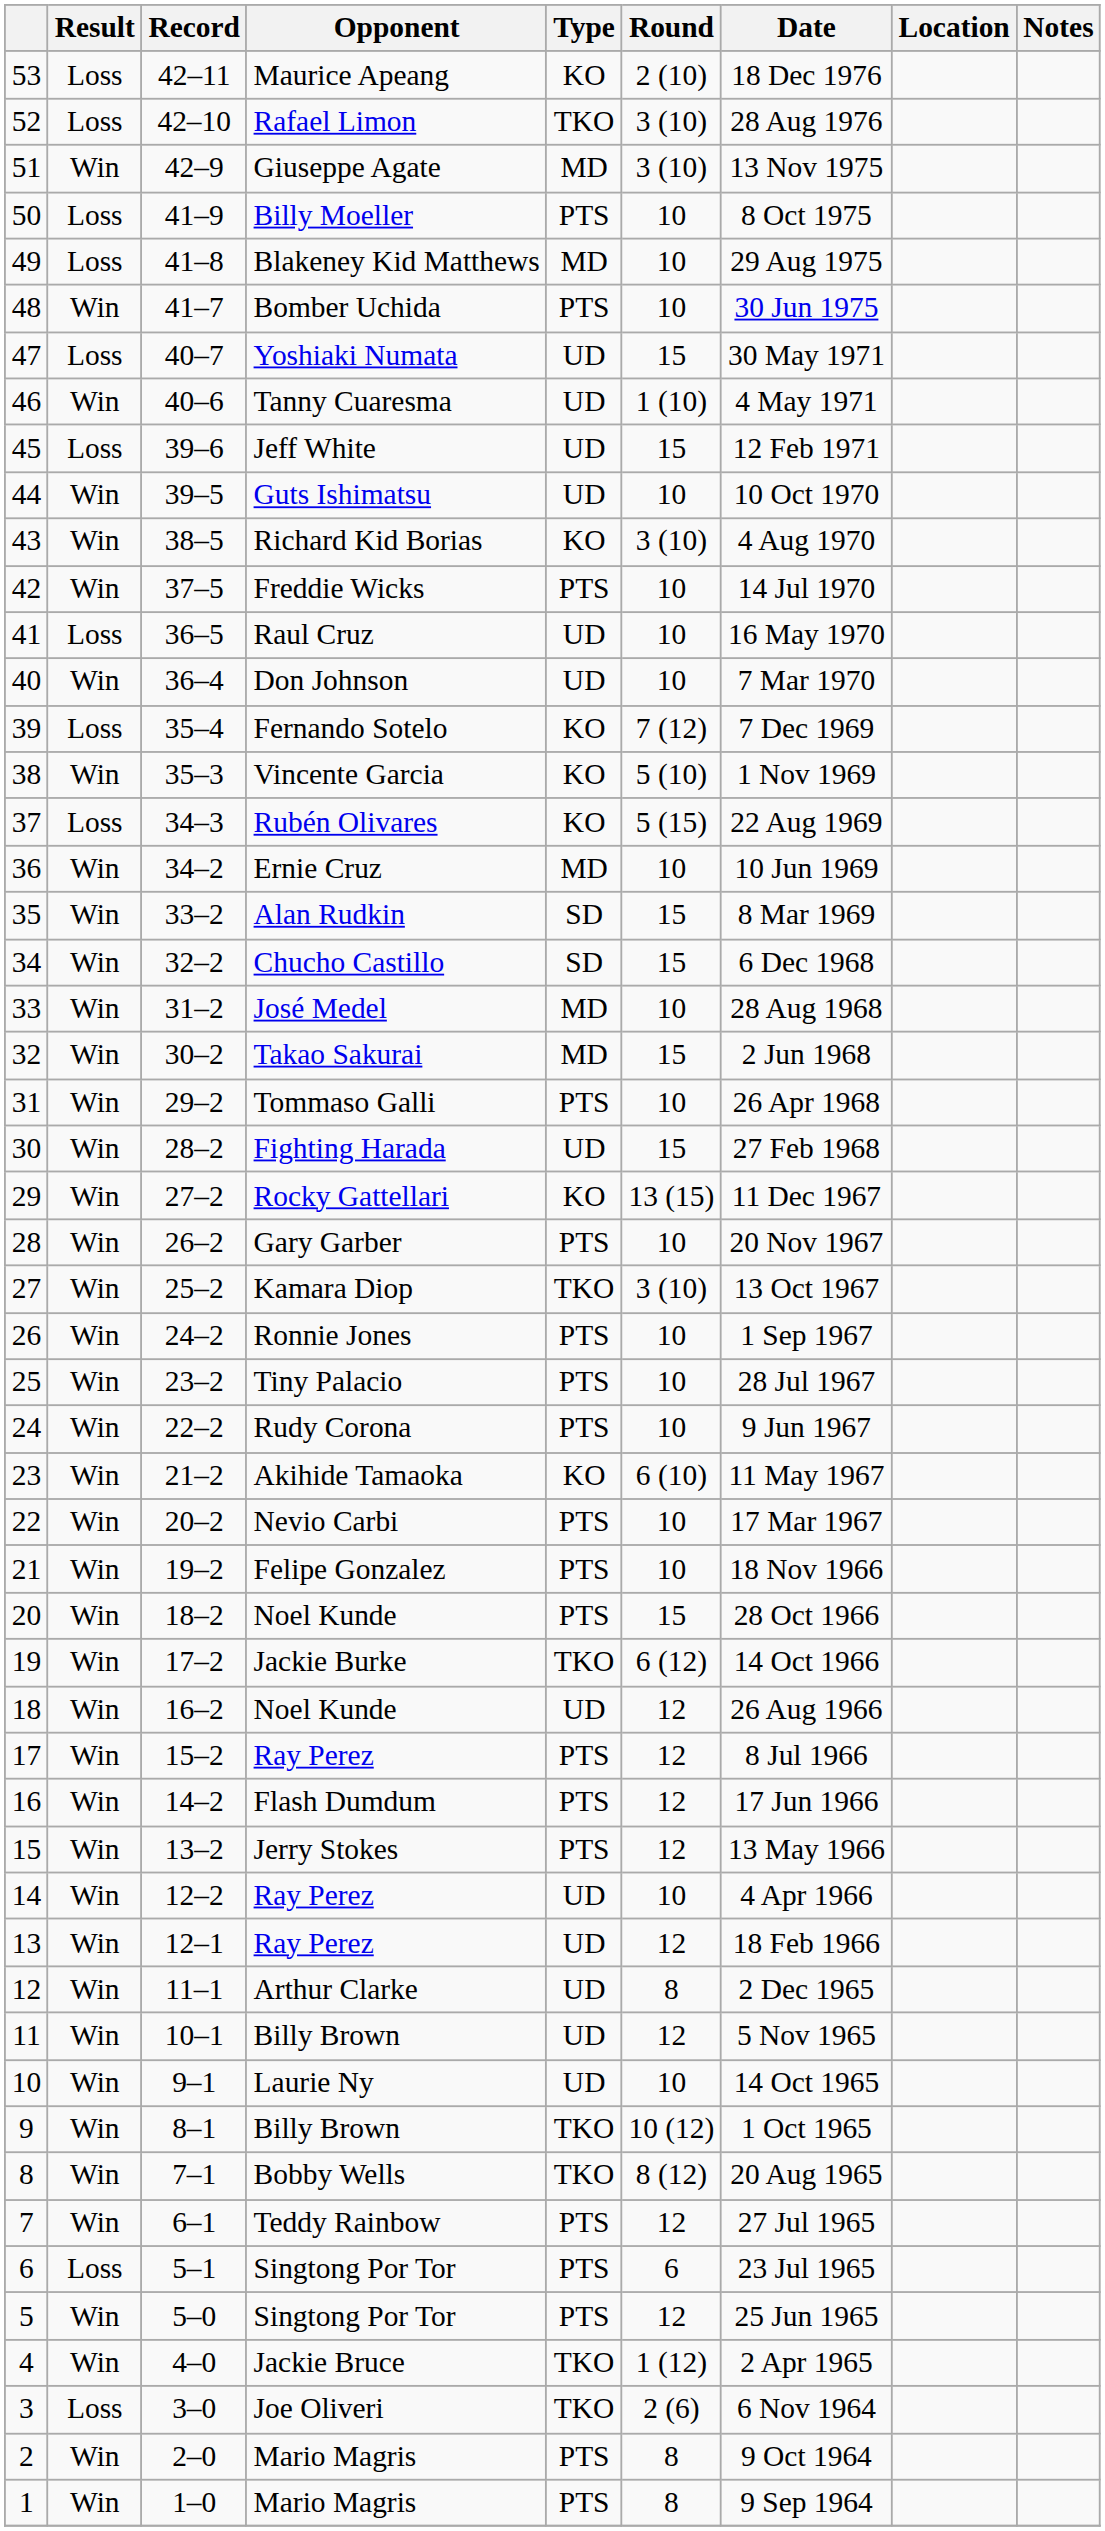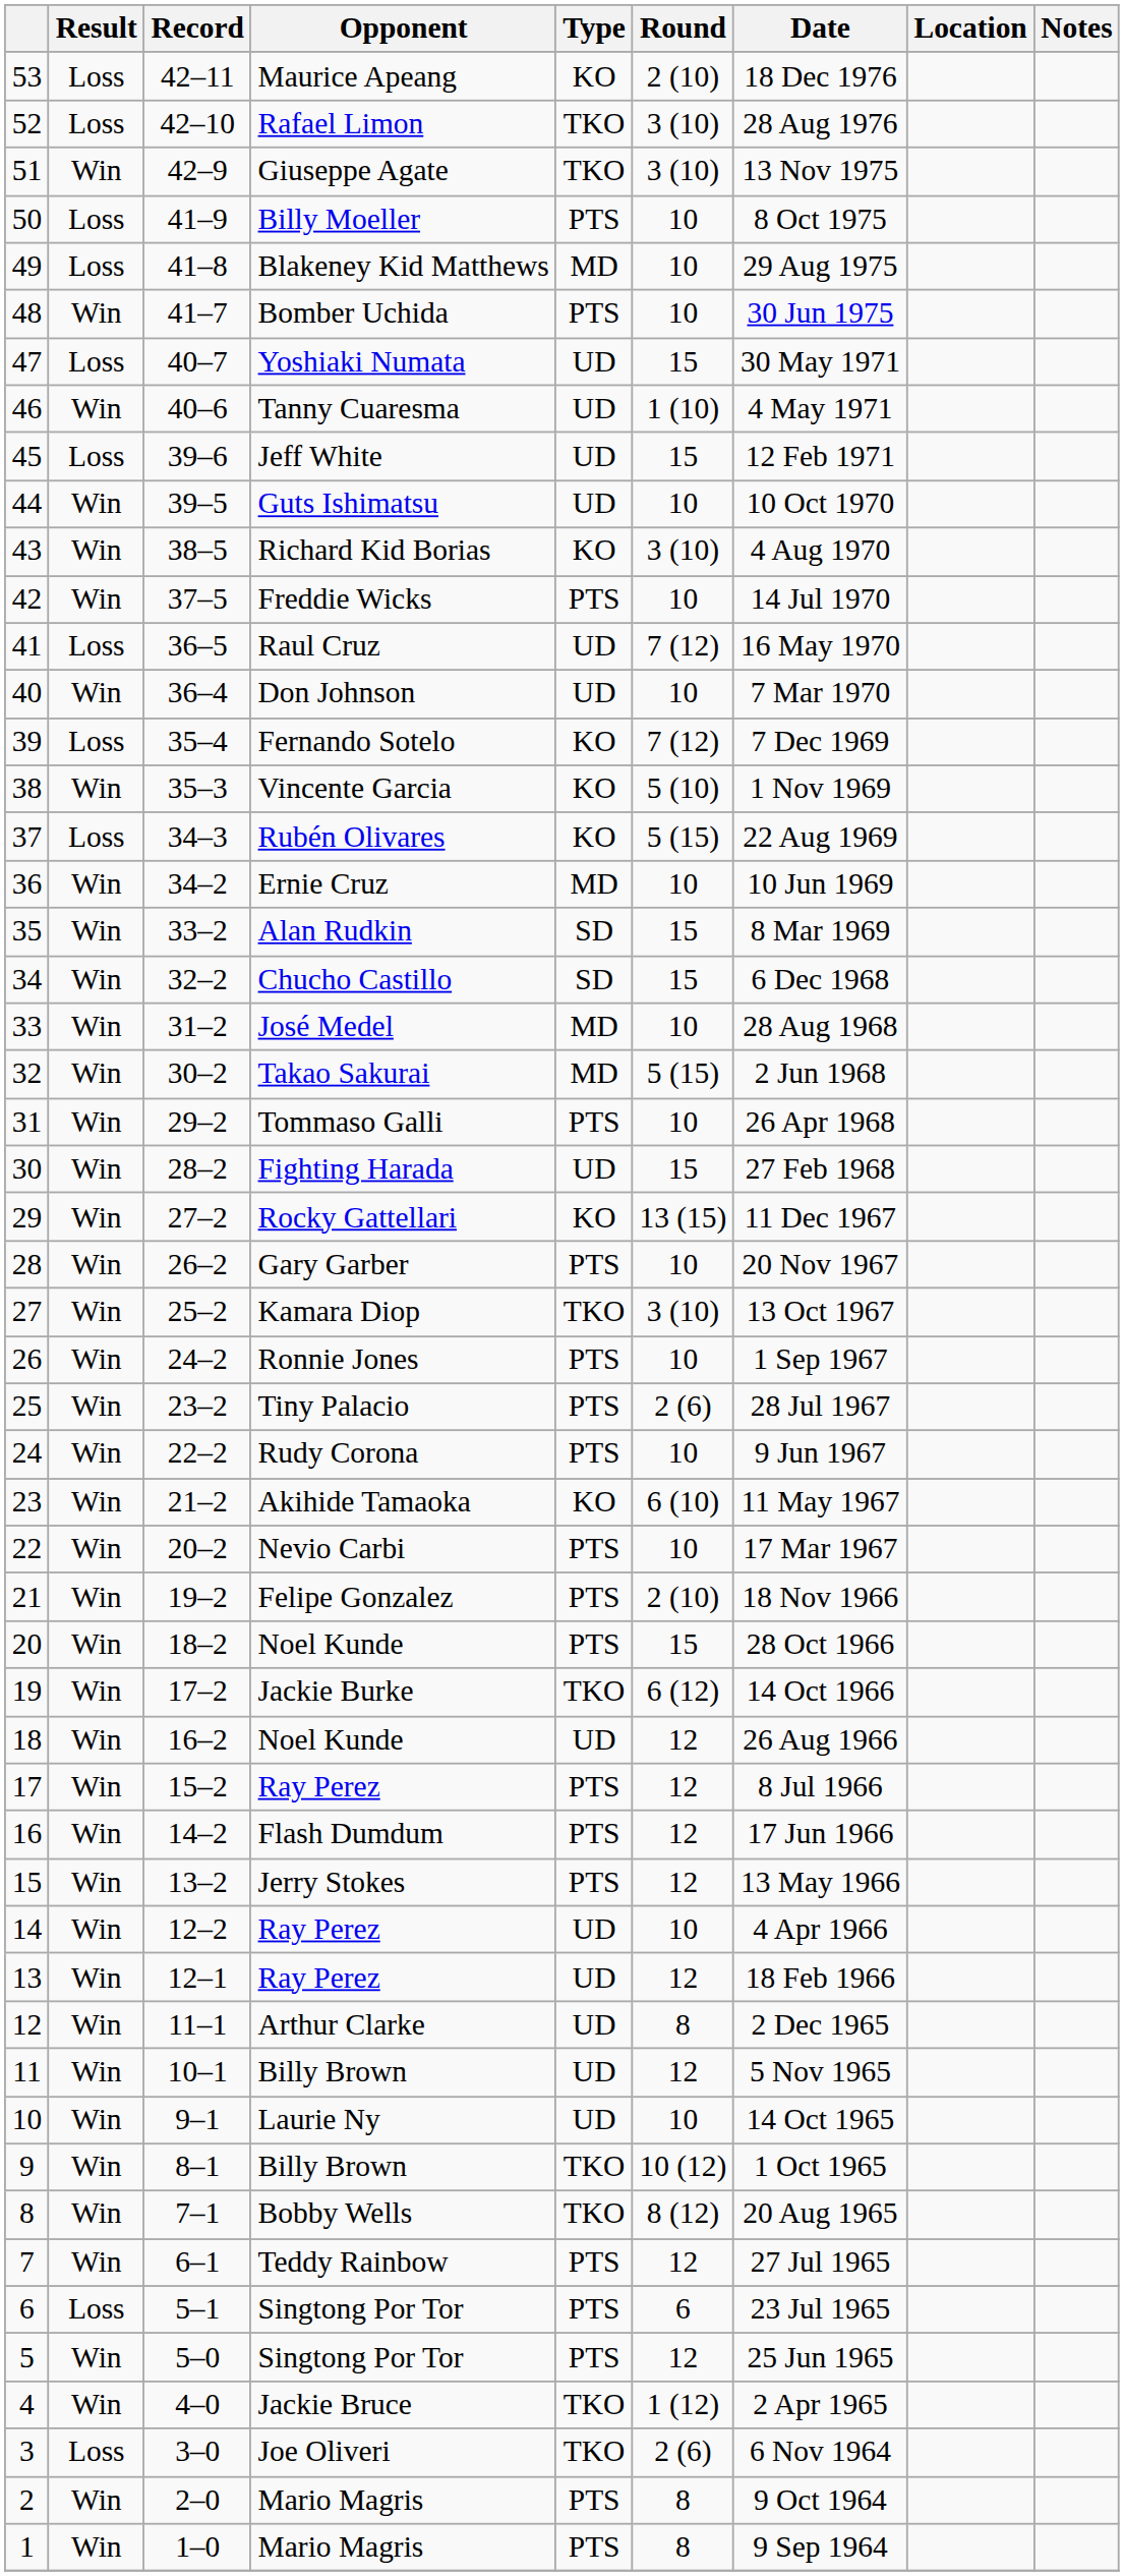 <table class="wikitable" style="text-align:center">
 <tr>
 <th></th>
 <th>Result</th>
 <th>Record</th>
 <th>Opponent</th>
 <th>Type</th>
 <th>Round</th>
 <th>Date</th>
 <th>Location</th>
 <th>Notes</th>
 </tr>
 <tr>
 <td>53</td>
 <td> Loss</td>
 <td>42–11</td>
 <td align=left>Maurice Apeang</td>
 <td>KO</td>
 <td>2 (10)</td>
 <td>18 Dec 1976</td>
 <td style="text-align:left;"></td>
 <td></td>
 </tr>
 <tr>
 <td>52</td>
 <td> Loss</td>
 <td>42–10</td>
 <td align=left><a href='#'>Rafael Limon</a></td>
 <td>TKO</td>
 <td>3 (10)</td>
 <td>28 Aug 1976</td>
 <td style="text-align:left;"></td>
 <td></td>
 </tr>
 <tr>
 <td>51</td>
 <td> Win</td>
 <td>42–9</td>
 <td align=left>Giuseppe Agate</td>
-<td>MD</td>
+<td>TKO</td>
 <td>3 (10)</td>
 <td>13 Nov 1975</td>
 <td style="text-align:left;"></td>
 <td></td>
 </tr>
 <tr>
 <td>50</td>
 <td> Loss</td>
 <td>41–9</td>
 <td align=left><a href='#'>Billy Moeller</a></td>
 <td>PTS</td>
 <td>10</td>
 <td>8 Oct 1975</td>
 <td style="text-align:left;"></td>
 <td></td>
 </tr>
 <tr>
 <td>49</td>
 <td> Loss</td>
 <td>41–8</td>
 <td align=left>Blakeney Kid Matthews</td>
 <td>MD</td>
 <td>10</td>
 <td>29 Aug 1975</td>
 <td style="text-align:left;"></td>
 <td></td>
 </tr>
 <tr>
 <td>48</td>
 <td> Win</td>
 <td>41–7</td>
 <td align=left>Bomber Uchida</td>
 <td>PTS</td>
 <td>10</td>
 <td><a href='#'>30 Jun 1975</a></td>
 <td style="text-align:left;"></td>
 <td></td>
 </tr>
 <tr>
 <td>47</td>
 <td> Loss</td>
 <td>40–7</td>
 <td align=left><a href='#'>Yoshiaki Numata</a></td>
 <td>UD</td>
 <td>15</td>
 <td>30 May 1971</td>
 <td style="text-align:left;"></td>
 <td style="text-align:left;"></td>
 </tr>
 <tr>
 <td>46</td>
 <td> Win</td>
 <td>40–6</td>
 <td align=left>Tanny Cuaresma</td>
 <td>UD</td>
 <td>1 (10)</td>
 <td>4 May 1971</td>
 <td style="text-align:left;"></td>
 <td></td>
 </tr>
 <tr>
 <td>45</td>
 <td> Loss</td>
 <td>39–6</td>
 <td align=left>Jeff White</td>
 <td>UD</td>
 <td>15</td>
 <td>12 Feb 1971</td>
 <td style="text-align:left;"></td>
 <td></td>
 </tr>
 <tr>
 <td>44</td>
 <td>Win</td>
 <td>39–5</td>
 <td align=left><a href='#'>Guts Ishimatsu</a></td>
 <td>UD</td>
 <td>10</td>
 <td>10 Oct 1970</td>
 <td style="text-align:left;"></td>
 <td></td>
 </tr>
 <tr>
 <td>43</td>
 <td>Win</td>
 <td>38–5</td>
 <td align=left>Richard Kid Borias</td>
 <td>KO</td>
 <td>3 (10)</td>
 <td>4 Aug 1970</td>
 <td style="text-align:left;"></td>
 <td></td>
 </tr>
 <tr>
 <td>42</td>
 <td>Win</td>
 <td>37–5</td>
 <td align=left>Freddie Wicks</td>
 <td>PTS</td>
 <td>10</td>
 <td>14 Jul 1970</td>
 <td style="text-align:left;"></td>
 <td></td>
 </tr>
 <tr>
 <td>41</td>
 <td>Loss</td>
 <td>36–5</td>
 <td align=left>Raul Cruz</td>
 <td>UD</td>
-<td>10</td>
+<td>7 (12)</td>
 <td>16 May 1970</td>
 <td style="text-align:left;"></td>
 <td></td>
 </tr>
 <tr>
 <td>40</td>
 <td> Win</td>
 <td>36–4</td>
 <td align=left>Don Johnson</td>
 <td>UD</td>
 <td>10</td>
 <td>7 Mar 1970</td>
 <td style="text-align:left;"></td>
 <td></td>
 </tr>
 <tr>
 <td>39</td>
 <td> Loss</td>
 <td>35–4</td>
 <td align=left>Fernando Sotelo</td>
 <td>KO</td>
 <td>7 (12)</td>
 <td>7 Dec 1969</td>
 <td style="text-align:left;"></td>
 <td></td>
 </tr>
 <tr>
 <td>38</td>
 <td> Win</td>
 <td>35–3</td>
 <td align=left>Vincente Garcia</td>
 <td>KO</td>
 <td>5 (10)</td>
 <td>1 Nov 1969</td>
 <td style="text-align:left;"></td>
 <td></td>
 </tr>
 <tr>
 <td>37</td>
 <td> Loss</td>
 <td>34–3</td>
 <td align=left><a href='#'>Rubén Olivares</a></td>
 <td>KO</td>
 <td>5 (15)</td>
 <td>22 Aug 1969</td>
 <td style="text-align:left;"></td>
 <td style="text-align:left;"></td>
 </tr>
 <tr>
 <td>36</td>
 <td> Win</td>
 <td>34–2</td>
 <td align=left>Ernie Cruz</td>
 <td>MD</td>
 <td>10</td>
 <td>10 Jun 1969</td>
 <td style="text-align:left;"></td>
 <td></td>
 </tr>
 <tr>
 <td>35</td>
 <td> Win</td>
 <td>33–2</td>
 <td align=left><a href='#'>Alan Rudkin</a></td>
 <td>SD</td>
 <td>15</td>
 <td>8 Mar 1969</td>
 <td style="text-align:left;"></td>
 <td style="text-align:left;"></td>
 </tr>
 <tr>
 <td>34</td>
 <td> Win</td>
 <td>32–2</td>
 <td align=left><a href='#'>Chucho Castillo</a></td>
 <td>SD</td>
 <td>15</td>
 <td>6 Dec 1968</td>
 <td style="text-align:left;"></td>
 <td style="text-align:left;"></td>
 </tr>
 <tr>
 <td>33</td>
 <td> Win</td>
 <td>31–2</td>
 <td align=left><a href='#'>José Medel</a></td>
 <td>MD</td>
 <td>10</td>
 <td>28 Aug 1968</td>
 <td style="text-align:left;"></td>
 <td></td>
 </tr>
 <tr>
 <td>32</td>
 <td> Win</td>
 <td>30–2</td>
 <td align=left><a href='#'>Takao Sakurai</a></td>
 <td>MD</td>
-<td>15</td>
+<td>5 (15)</td>
 <td>2 Jun 1968</td>
 <td style="text-align:left;"></td>
 <td style="text-align:left;"></td>
 </tr>
 <tr>
 <td>31</td>
 <td> Win</td>
 <td>29–2</td>
 <td align=left>Tommaso Galli</td>
 <td>PTS</td>
 <td>10</td>
 <td>26 Apr 1968</td>
 <td style="text-align:left;"></td>
 <td></td>
 </tr>
 <tr>
 <td>30</td>
 <td> Win</td>
 <td>28–2</td>
 <td align=left><a href='#'>Fighting Harada</a></td>
 <td>UD</td>
 <td>15</td>
 <td>27 Feb 1968</td>
 <td style="text-align:left;"></td>
 <td style="text-align:left;"></td>
 </tr>
 <tr>
 <td>29</td>
 <td> Win</td>
 <td>27–2</td>
 <td align=left><a href='#'>Rocky Gattellari</a></td>
 <td>KO</td>
 <td>13 (15)</td>
 <td>11 Dec 1967</td>
 <td style="text-align:left;"></td>
 <td></td>
 </tr>
 <tr>
 <td>28</td>
 <td> Win</td>
 <td>26–2</td>
 <td align=left>Gary Garber</td>
 <td>PTS</td>
 <td>10</td>
 <td>20 Nov 1967</td>
 <td style="text-align:left;"></td>
 <td></td>
 </tr>
 <tr>
 <td>27</td>
 <td> Win</td>
 <td>25–2</td>
 <td align=left>Kamara Diop</td>
 <td>TKO</td>
 <td>3 (10)</td>
 <td>13 Oct 1967</td>
 <td style="text-align:left;"></td>
 <td></td>
 </tr>
 <tr>
 <td>26</td>
 <td> Win</td>
 <td>24–2</td>
 <td align=left>Ronnie Jones</td>
 <td>PTS</td>
 <td>10</td>
 <td>1 Sep 1967</td>
 <td style="text-align:left;"></td>
 <td></td>
 </tr>
 <tr>
 <td>25</td>
 <td> Win</td>
 <td>23–2</td>
 <td align=left>Tiny Palacio</td>
 <td>PTS</td>
-<td>10</td>
+<td>2 (6)</td>
 <td>28 Jul 1967</td>
 <td style="text-align:left;"></td>
 <td></td>
 </tr>
 <tr>
 <td>24</td>
 <td> Win</td>
 <td>22–2</td>
 <td align=left>Rudy Corona</td>
 <td>PTS</td>
 <td>10</td>
 <td>9 Jun 1967</td>
 <td style="text-align:left;"></td>
 <td></td>
 </tr>
 <tr>
 <td>23</td>
 <td> Win</td>
 <td>21–2</td>
 <td align=left>Akihide Tamaoka</td>
 <td>KO</td>
 <td>6 (10)</td>
 <td>11 May 1967</td>
 <td style="text-align:left;"></td>
 <td></td>
 </tr>
 <tr>
 <td>22</td>
 <td> Win</td>
 <td>20–2</td>
 <td align=left>Nevio Carbi</td>
 <td>PTS</td>
 <td>10</td>
 <td>17 Mar 1967</td>
 <td style="text-align:left;"></td>
 <td></td>
 </tr>
 <tr>
 <td>21</td>
 <td> Win</td>
 <td>19–2</td>
 <td align=left>Felipe Gonzalez</td>
 <td>PTS</td>
-<td>10</td>
+<td>2 (10)</td>
 <td>18 Nov 1966</td>
 <td style="text-align:left;"></td>
 <td></td>
 </tr>
 <tr>
 <td>20</td>
 <td> Win</td>
 <td>18–2</td>
 <td align=left>Noel Kunde</td>
 <td>PTS</td>
 <td>15</td>
 <td>28 Oct 1966</td>
 <td style="text-align:left;"></td>
 <td></td>
 </tr>
 <tr>
 <td>19</td>
 <td> Win</td>
 <td>17–2</td>
 <td align=left>Jackie Burke</td>
 <td>TKO</td>
 <td>6 (12)</td>
 <td>14 Oct 1966</td>
 <td style="text-align:left;"></td>
 <td></td>
 </tr>
 <tr>
 <td>18</td>
 <td> Win</td>
 <td>16–2</td>
 <td align=left>Noel Kunde</td>
 <td>UD</td>
 <td>12</td>
 <td>26 Aug 1966</td>
 <td style="text-align:left;"></td>
 <td></td>
 </tr>
 <tr>
 <td>17</td>
 <td> Win</td>
 <td>15–2</td>
 <td align=left><a href='#'>Ray Perez</a></td>
 <td>PTS</td>
 <td>12</td>
 <td>8 Jul 1966</td>
 <td style="text-align:left;"></td>
 <td></td>
 </tr>
 <tr>
 <td>16</td>
 <td> Win</td>
 <td>14–2</td>
 <td align=left>Flash Dumdum</td>
 <td>PTS</td>
 <td>12</td>
 <td>17 Jun 1966</td>
 <td style="text-align:left;"></td>
 <td></td>
 </tr>
 <tr>
 <td>15</td>
 <td> Win</td>
 <td>13–2</td>
 <td align=left>Jerry Stokes</td>
 <td>PTS</td>
 <td>12</td>
 <td>13 May 1966</td>
 <td style="text-align:left;"></td>
 <td></td>
 </tr>
 <tr>
 <td>14</td>
 <td> Win</td>
 <td>12–2</td>
 <td align=left><a href='#'>Ray Perez</a></td>
 <td>UD</td>
 <td>10</td>
 <td>4 Apr 1966</td>
 <td style="text-align:left;"></td>
 <td></td>
 </tr>
 <tr>
 <td>13</td>
 <td> Win</td>
 <td>12–1</td>
 <td align=left><a href='#'>Ray Perez</a></td>
 <td>UD</td>
 <td>12</td>
 <td>18 Feb 1966</td>
 <td style="text-align:left;"></td>
 <td></td>
 </tr>
 <tr>
 <td>12</td>
 <td> Win</td>
 <td>11–1</td>
 <td align=left>Arthur Clarke</td>
 <td>UD</td>
 <td>8</td>
 <td>2 Dec 1965</td>
 <td style="text-align:left;"></td>
 <td></td>
 </tr>
 <tr>
 <td>11</td>
 <td> Win</td>
 <td>10–1</td>
 <td align=left>Billy Brown</td>
 <td>UD</td>
 <td>12</td>
 <td>5 Nov 1965</td>
 <td style="text-align:left;"></td>
 <td></td>
 </tr>
 <tr>
 <td>10</td>
 <td> Win</td>
 <td>9–1</td>
 <td align=left>Laurie Ny</td>
 <td>UD</td>
 <td>10</td>
 <td>14 Oct 1965</td>
 <td style="text-align:left;"></td>
 <td></td>
 </tr>
 <tr>
 <td>9</td>
 <td> Win</td>
 <td>8–1</td>
 <td align=left>Billy Brown</td>
 <td>TKO</td>
 <td>10 (12)</td>
 <td>1 Oct 1965</td>
 <td style="text-align:left;"></td>
 <td></td>
 </tr>
 <tr>
 <td>8</td>
 <td> Win</td>
 <td>7–1</td>
 <td align=left>Bobby Wells</td>
 <td>TKO</td>
 <td>8 (12)</td>
 <td>20 Aug 1965</td>
 <td style="text-align:left;"></td>
 <td></td>
 </tr>
 <tr>
 <td>7</td>
 <td> Win</td>
 <td>6–1</td>
 <td align=left>Teddy Rainbow</td>
 <td>PTS</td>
 <td>12</td>
 <td>27 Jul 1965</td>
 <td style="text-align:left;"></td>
 <td></td>
 </tr>
 <tr>
 <td>6</td>
 <td> Loss</td>
 <td>5–1</td>
 <td align=left>Singtong Por Tor</td>
 <td>PTS</td>
 <td>6</td>
 <td>23 Jul 1965</td>
 <td style="text-align:left;"></td>
 <td></td>
 </tr>
 <tr>
 <td>5</td>
 <td> Win</td>
 <td>5–0</td>
 <td align=left>Singtong Por Tor</td>
 <td>PTS</td>
 <td>12</td>
 <td>25 Jun 1965</td>
 <td style="text-align:left;"></td>
 <td></td>
 </tr>
 <tr>
 <td>4</td>
 <td> Win</td>
 <td>4–0</td>
 <td align=left>Jackie Bruce</td>
 <td>TKO</td>
 <td>1 (12)</td>
 <td>2 Apr 1965</td>
 <td style="text-align:left;"></td>
 <td></td>
 </tr>
 <tr>
 <td>3</td>
 <td> Loss</td>
 <td>3–0</td>
 <td align=left>Joe Oliveri</td>
 <td>TKO</td>
 <td>2 (6)</td>
 <td>6 Nov 1964</td>
 <td style="text-align:left;"></td>
 <td></td>
 </tr>
 <tr>
 <td>2</td>
 <td> Win</td>
 <td>2–0</td>
 <td align=left>Mario Magris</td>
 <td>PTS</td>
 <td>8</td>
 <td>9 Oct 1964</td>
 <td style="text-align:left;"></td>
 <td></td>
 </tr>
 <tr>
 <td>1</td>
 <td> Win</td>
 <td>1–0</td>
 <td align=left>Mario Magris</td>
 <td>PTS</td>
 <td>8</td>
 <td>9 Sep 1964</td>
 <td style="text-align:left;"></td>
 <td></td>
 </tr>
 <tr>
 </tr>
 </table>
